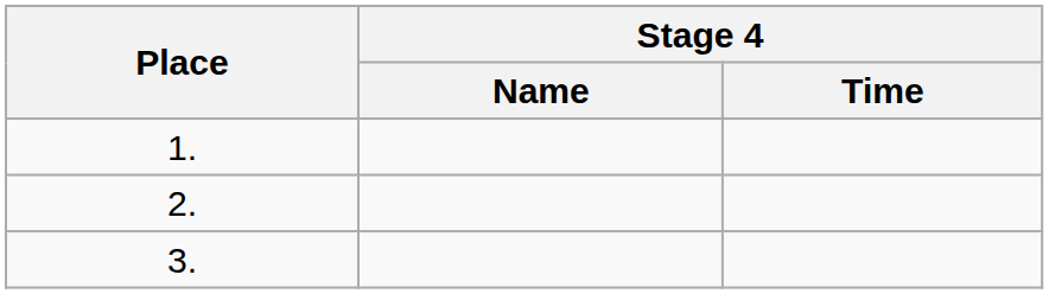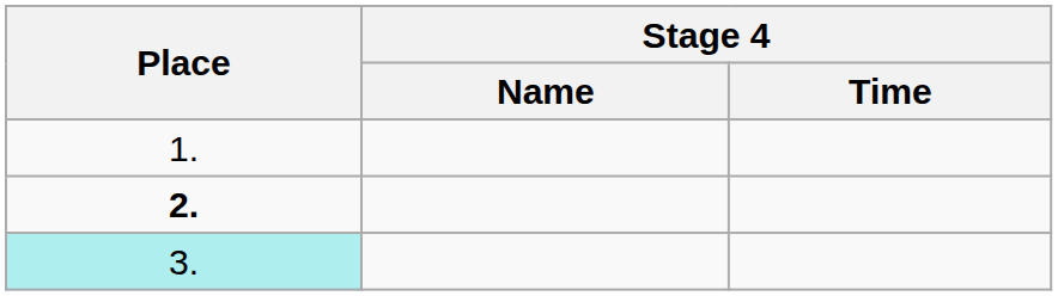 <table class=wikitable style="font-size:95%" width="50%">
 <tr>
 <th rowspan="2">Place</th>
 <th colspan="2">Stage 4</th>
 </tr>
 <tr>
 <th>Name</th>
 <th>Time</th>
 </tr>
 <tr>
 <td align="center">1.</td>
 <td></td>
 <td></td>
 </tr>
 <tr>
-<td align="center">2.</td>
+<td align="center"><strong>2.</strong></td>
 <td></td>
 <td></td>
 </tr>
 <tr>
-<td align="center">3.</td>
+<td align="center" style="background: paleturquoise;">3.</td>
 <td></td>
 <td></td>
 </tr>
 </table>
